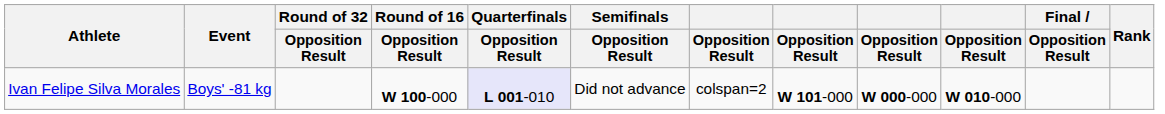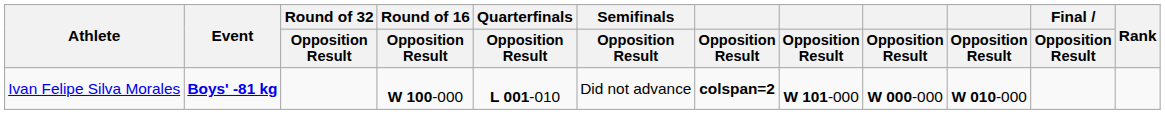 <table class="wikitable" style="font-size:90%">
 <tr>
 <th rowspan="2">Athlete</th>
 <th rowspan="2">Event</th>
 <th>Round of 32</th>
 <th>Round of 16</th>
 <th>Quarterfinals</th>
 <th>Semifinals</th>
 <th></th>
 <th></th>
 <th></th>
 <th></th>
 <th>Final / </th>
 <th rowspan=2>Rank</th>
 </tr>
 <tr style="font-size:95%">
 <th>Opposition<br>Result</th>
 <th>Opposition<br>Result</th>
 <th>Opposition<br>Result</th>
 <th>Opposition<br>Result</th>
 <th>Opposition<br>Result</th>
 <th>Opposition<br>Result</th>
 <th>Opposition<br>Result</th>
 <th>Opposition<br>Result</th>
 <th>Opposition<br>Result</th>
 </tr>
 <tr align=center>
 <td align=left><a href='#'>Ivan Felipe Silva Morales</a></td>
-<td align=left><a href='#'>Boys' -81 kg</a></td>
+<td align=left><strong><a href='#'>Boys' -81 kg</a></strong></td>
 <td></td>
 <td><br><strong>W</strong> <strong>100</strong>-000</td>
-<td style="background: lavender;"><br><strong>L</strong> <strong>001</strong>-010</td>
+<td><br><strong>L</strong> <strong>001</strong>-010</td>
 <td>Did not advance</td>
-<td>colspan=2 </td>
+<td><strong>colspan=2 </strong></td>
 <td><br><strong>W</strong> <strong>101</strong>-000</td>
 <td><br><strong>W</strong> <strong>000</strong>-000</td>
 <td><br><strong>W</strong> <strong>010</strong>-000</td>
 <td></td>
 </tr>
 </table>
